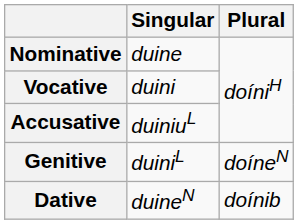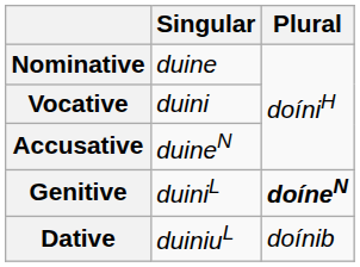 <table class="wikitable">
 <tr>
 <th></th>
 <th>Singular</th>
 <th>Plural</th>
 </tr>
 <tr>
 <th>Nominative</th>
 <td><em>duine</em></td>
 <td rowspan="3"><em>doíni<sup>H</sup></em></td>
 </tr>
 <tr>
 <th>Vocative</th>
 <td><em>duini</em></td>
 </tr>
 <tr>
 <th>Accusative</th>
-<td><em>duiniu<sup>L</sup></em></td>
+<td><em>duine<sup>N</sup></em></td>
 </tr>
 <tr>
 <th>Genitive</th>
 <td><em>duini<sup>L</sup></em></td>
-<td><em>doíne<sup>N</sup></em></td>
+<td><strong><em>doíne<sup>N</sup></em></strong></td>
 </tr>
 <tr>
 <th>Dative</th>
-<td><em>duine<sup>N</sup></em></td>
+<td><em>duiniu<sup>L</sup></em></td>
 <td colspan="2"><em>doínib</em></td>
 </tr>
 </table>
